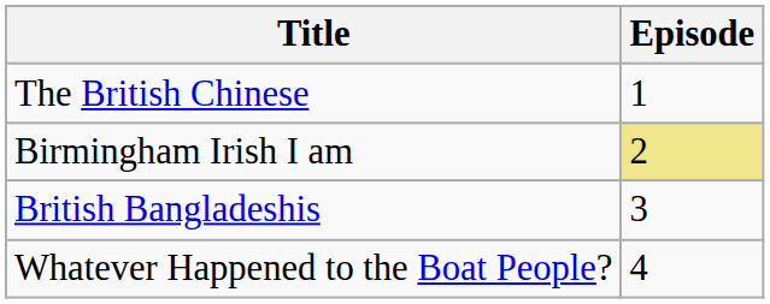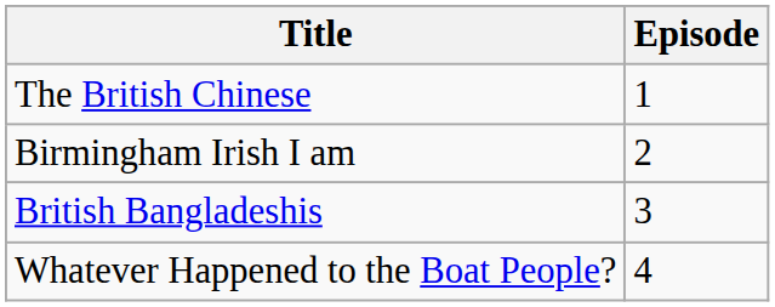 <table class="wikitable">
 <tr>
 <th>Title</th>
 <th>Episode</th>
 </tr>
 <tr>
 <td>The <a href='#'>British Chinese</a></td>
 <td>1</td>
 </tr>
 <tr>
 <td>Birmingham Irish I am</td>
-<td style="background: khaki;">2</td>
+<td>2</td>
 </tr>
 <tr>
 <td><a href='#'>British Bangladeshis</a></td>
 <td>3</td>
 </tr>
 <tr>
 <td>Whatever Happened to the <a href='#'>Boat People</a>?</td>
 <td>4</td>
 </tr>
 </table>
